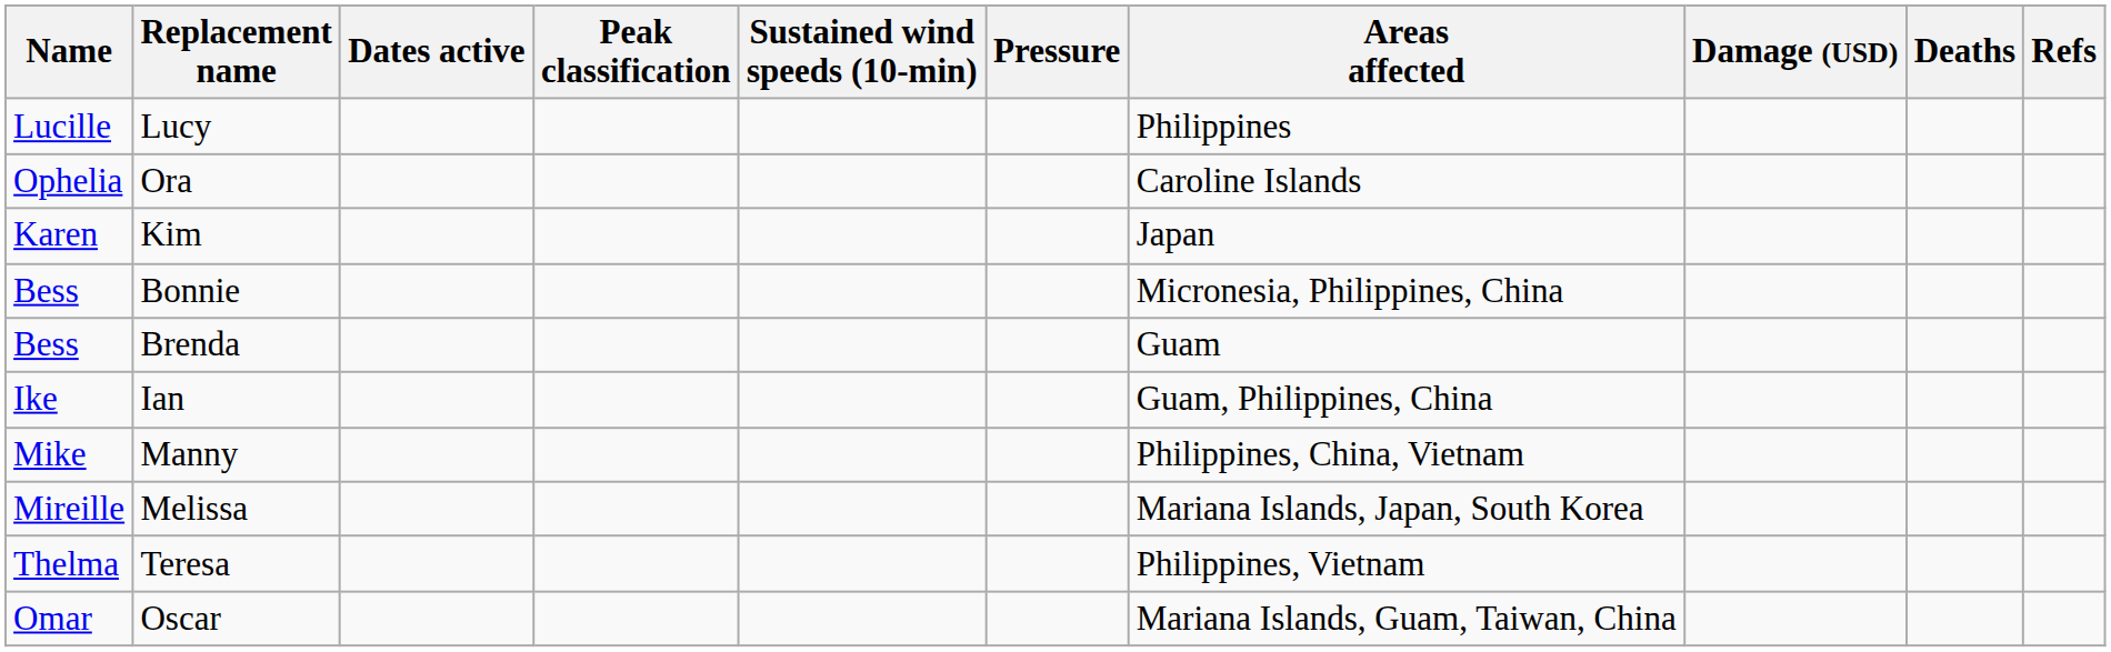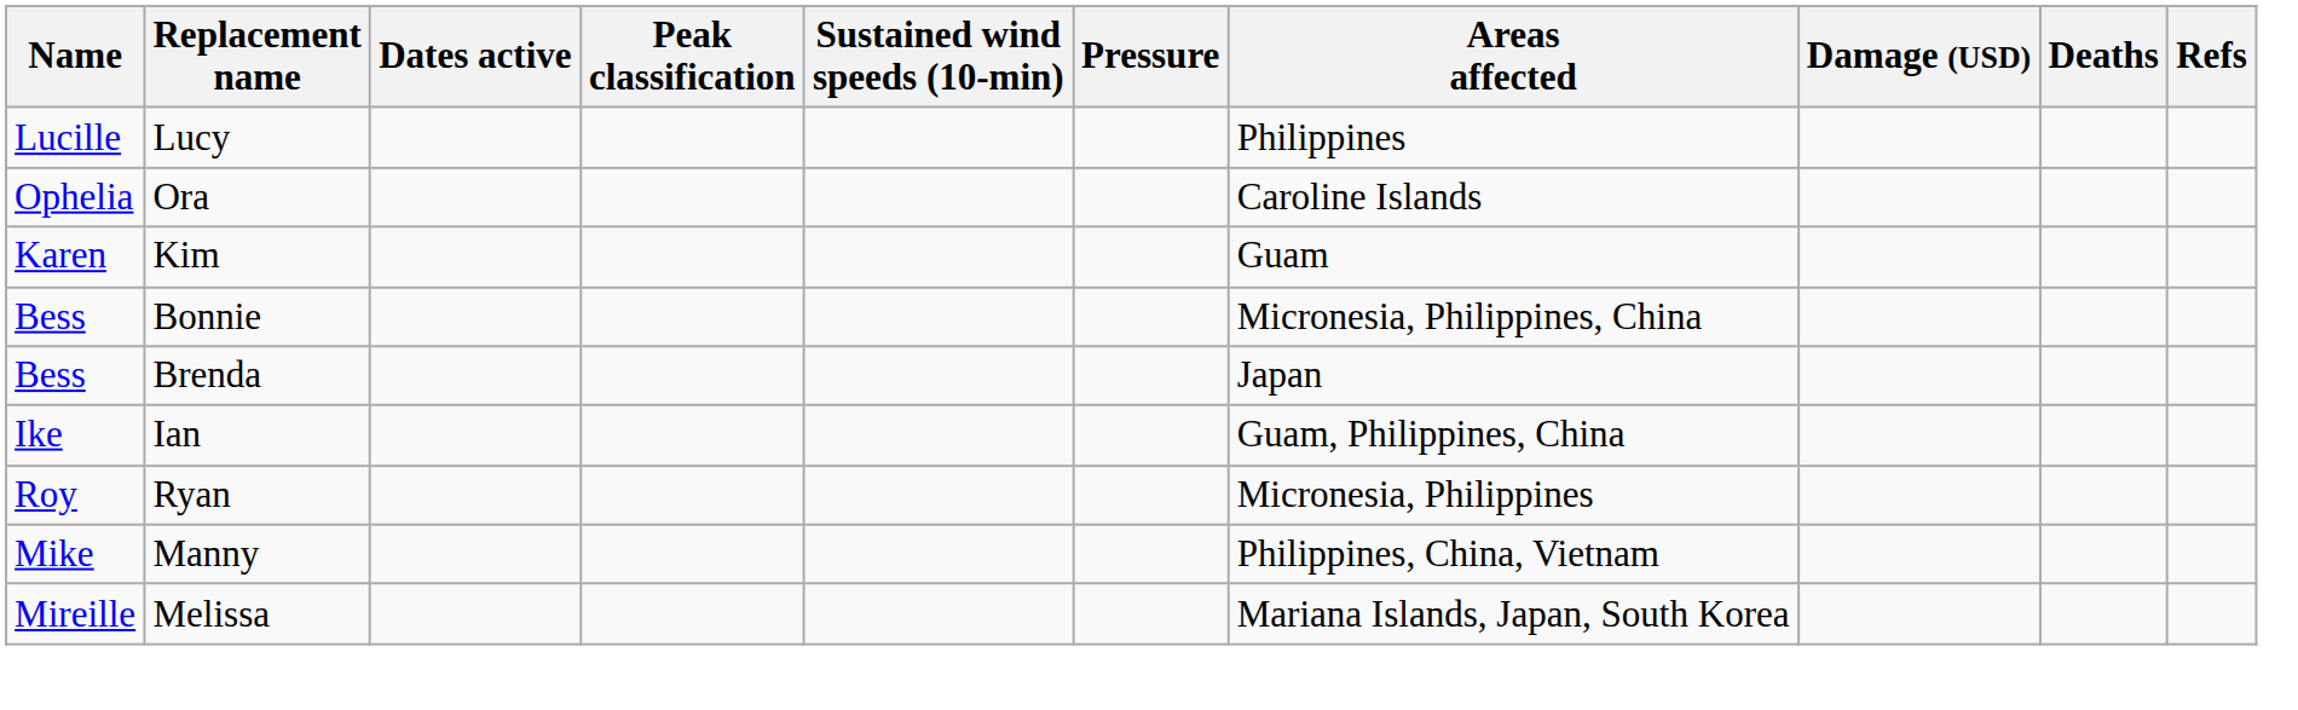 <table class="wikitable sortable">
 <tr>
 <th scope="col">Name</th>
 <th scope="col">Replacement<br>name</th>
 <th scope="col">Dates active</th>
 <th scope="col">Peak<br>classification</th>
 <th scope="col">Sustained wind<br>speeds (10-min)</th>
 <th scope="col">Pressure</th>
 <th scope="col" class="unsortable">Areas<br>affected</th>
 <th scope="col">Damage <small>(USD)</small></th>
 <th scope="col">Deaths</th>
 <th scope="col" class="unsortable">Refs</th>
 </tr>
 <tr>
 <td><a href='#'>Lucille</a></td>
 <td>Lucy</td>
 <td></td>
 <td></td>
 <td></td>
 <td></td>
 <td>Philippines</td>
 <td></td>
 <td></td>
 <td></td>
 </tr>
 <tr>
 <td><a href='#'>Ophelia</a></td>
 <td>Ora</td>
 <td></td>
 <td></td>
 <td></td>
 <td></td>
 <td>Caroline Islands</td>
 <td></td>
 <td></td>
 <td></td>
 </tr>
 <tr>
 <td><a href='#'>Karen</a></td>
 <td>Kim</td>
 <td></td>
 <td></td>
 <td></td>
 <td></td>
-<td>Japan</td>
+<td>Guam</td>
 <td></td>
 <td></td>
 <td></td>
 </tr>
 <tr>
 <td><a href='#'>Bess</a></td>
 <td>Bonnie</td>
 <td></td>
 <td></td>
 <td></td>
 <td></td>
 <td>Micronesia, Philippines, China</td>
 <td></td>
 <td></td>
 <td></td>
 </tr>
 <tr>
 <td><a href='#'>Bess</a></td>
 <td>Brenda</td>
 <td></td>
 <td></td>
 <td></td>
 <td></td>
-<td>Guam</td>
+<td>Japan</td>
 <td></td>
 <td></td>
 <td></td>
 </tr>
 <tr>
 <td><a href='#'>Ike</a></td>
 <td>Ian</td>
 <td></td>
 <td></td>
 <td></td>
 <td></td>
 <td>Guam, Philippines, China</td>
+<td></td>
+<td></td>
+<td></td>
+</tr>
+<tr>
+<td><a href='#'>Roy</a></td>
+<td>Ryan</td>
+<td></td>
+<td></td>
+<td></td>
+<td></td>
+<td>Micronesia, Philippines</td>
 <td></td>
 <td></td>
 <td></td>
 </tr>
 <tr>
 <td><a href='#'>Mike</a></td>
 <td>Manny</td>
 <td></td>
 <td></td>
 <td></td>
 <td></td>
 <td>Philippines, China, Vietnam</td>
 <td></td>
 <td></td>
 <td></td>
 </tr>
 <tr>
 <td><a href='#'>Mireille</a></td>
 <td>Melissa</td>
 <td></td>
 <td></td>
 <td></td>
 <td></td>
 <td>Mariana Islands, Japan, South Korea</td>
 <td></td>
 <td></td>
 <td></td>
 </tr>
-<tr>
-<td><a href='#'>Thelma</a></td>
-<td>Teresa</td>
-<td></td>
-<td></td>
-<td></td>
-<td></td>
-<td>Philippines, Vietnam</td>
-<td></td>
-<td></td>
-<td></td>
-</tr>
-<tr>
-<td><a href='#'>Omar</a></td>
-<td>Oscar</td>
-<td></td>
-<td></td>
-<td></td>
-<td></td>
-<td>Mariana Islands, Guam, Taiwan, China</td>
-<td></td>
-<td></td>
-<td></td>
-</tr>
 </table>
